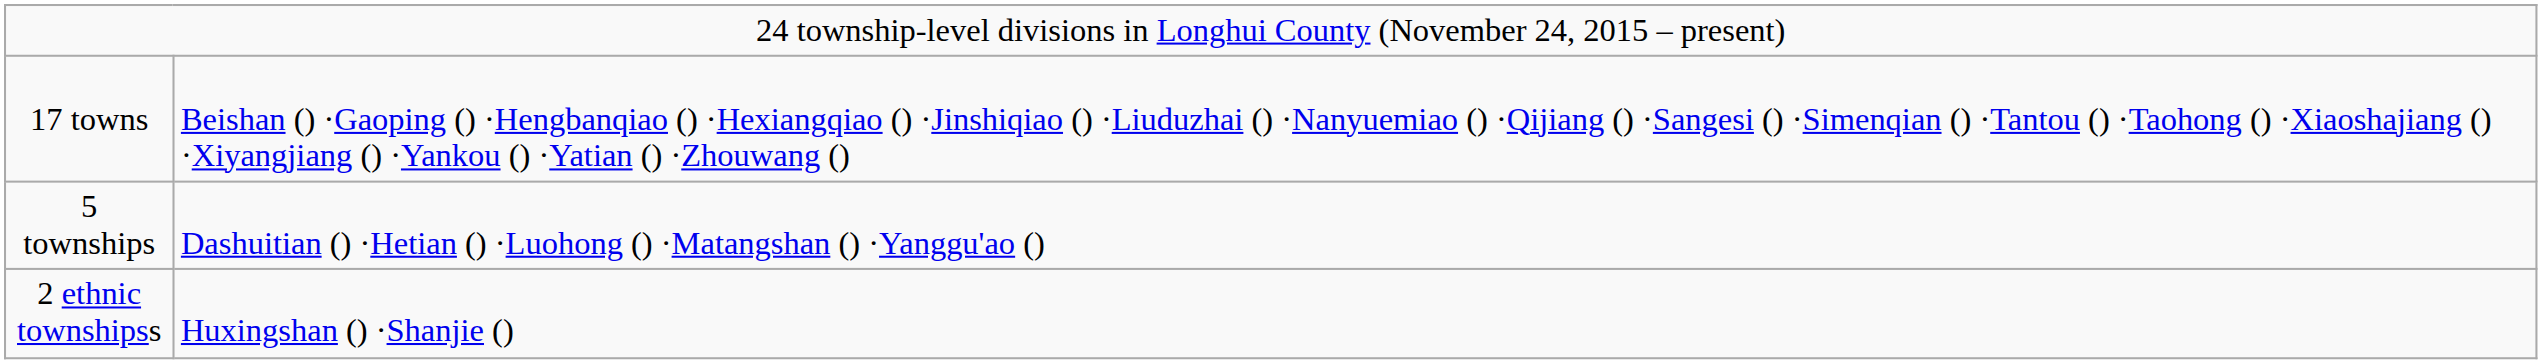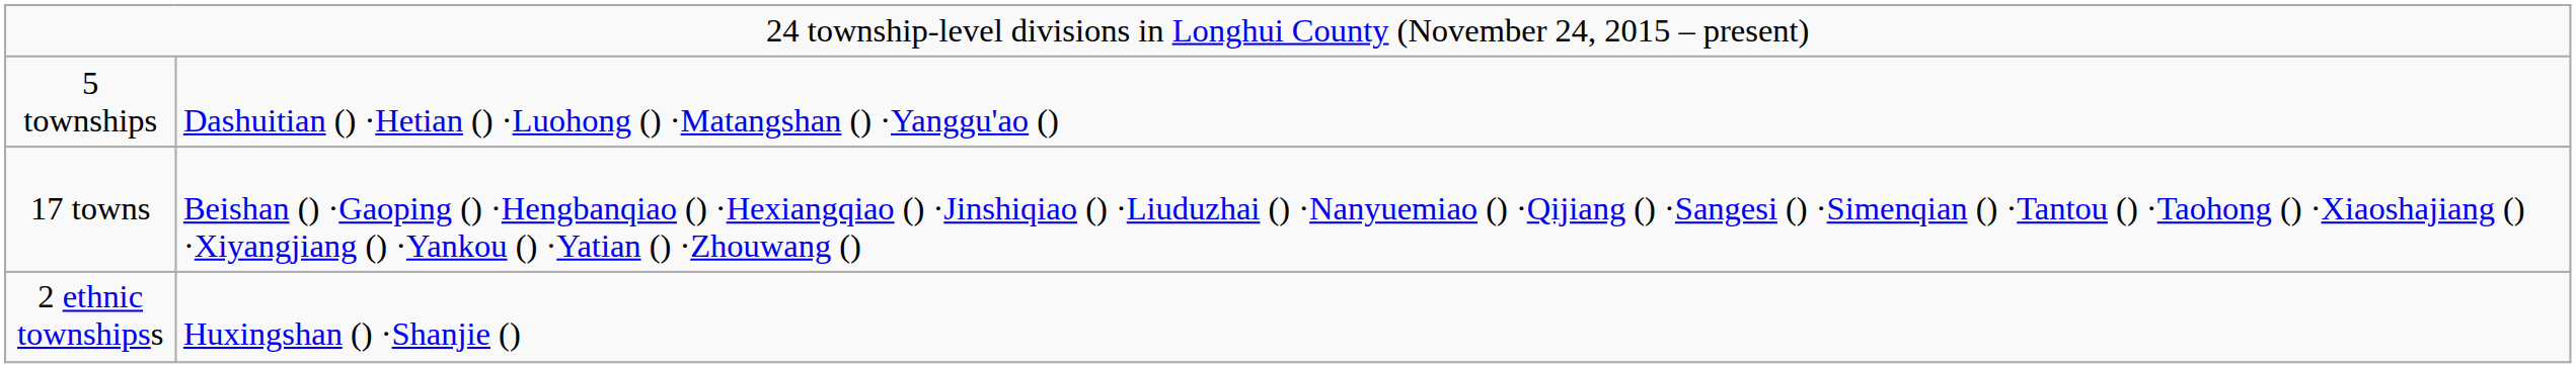 <table class="wikitable">
 <tr>
 <td style="text-align:center;" colspan="2">24 township-level divisions in <a href='#'>Longhui County</a> (November 24, 2015 – present)</td>
+</tr>
+<tr align=left>
+<td align=center>5 townships</td>
+<td><br><a href='#'>Dashuitian</a> () ·<a href='#'>Hetian</a> () ·<a href='#'>Luohong</a> () ·<a href='#'>Matangshan</a> () ·<a href='#'>Yanggu'ao</a> ()</td>
 </tr>
 <tr align=left>
 <td align=center>17 towns</td>
 <td><br><a href='#'>Beishan</a> () ·<a href='#'>Gaoping</a> () ·<a href='#'>Hengbanqiao</a> () ·<a href='#'>Hexiangqiao</a> () ·<a href='#'>Jinshiqiao</a> () ·<a href='#'>Liuduzhai</a> () ·<a href='#'>Nanyuemiao</a> () ·<a href='#'>Qijiang</a> () ·<a href='#'>Sangesi</a> () ·<a href='#'>Simenqian</a> () ·<a href='#'>Tantou</a> () ·<a href='#'>Taohong</a> () ·<a href='#'>Xiaoshajiang</a> () ·<a href='#'>Xiyangjiang</a> () ·<a href='#'>Yankou</a> () ·<a href='#'>Yatian</a> () ·<a href='#'>Zhouwang</a> ()</td>
 </tr>
 <tr align=left>
-<td align=center>5 townships</td>
-<td><br><a href='#'>Dashuitian</a> () ·<a href='#'>Hetian</a> () ·<a href='#'>Luohong</a> () ·<a href='#'>Matangshan</a> () ·<a href='#'>Yanggu'ao</a> ()</td>
-</tr>
-<tr align=left>
 <td align=center>2 <a href='#'>ethnic <br>townships</a>s</td>
 <td><br><a href='#'>Huxingshan</a> () ·<a href='#'>Shanjie</a> ()</td>
 </tr>
 </table>
